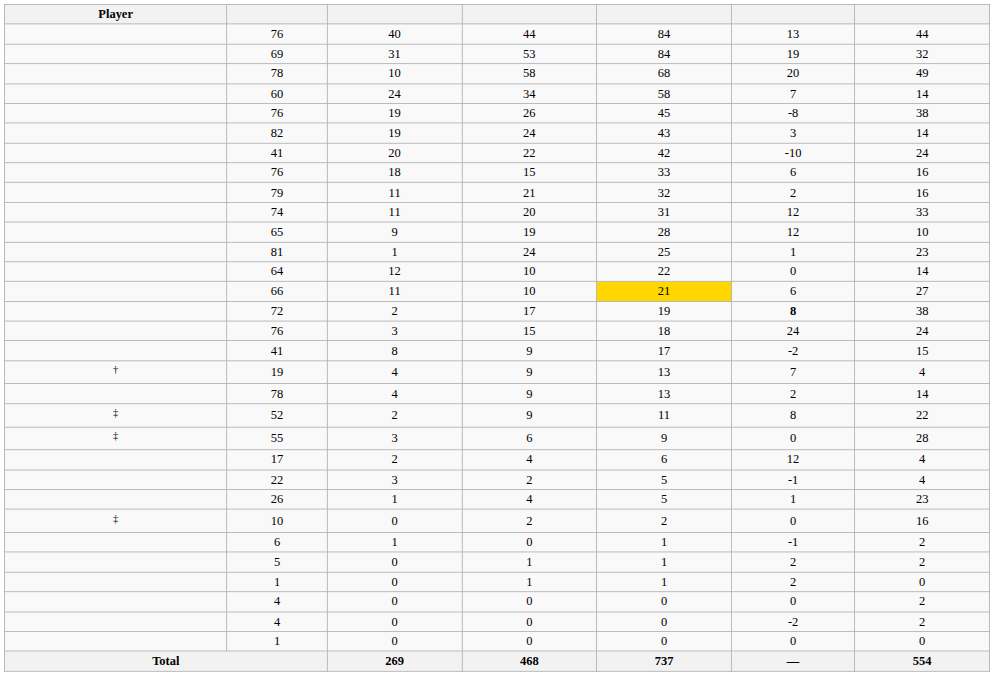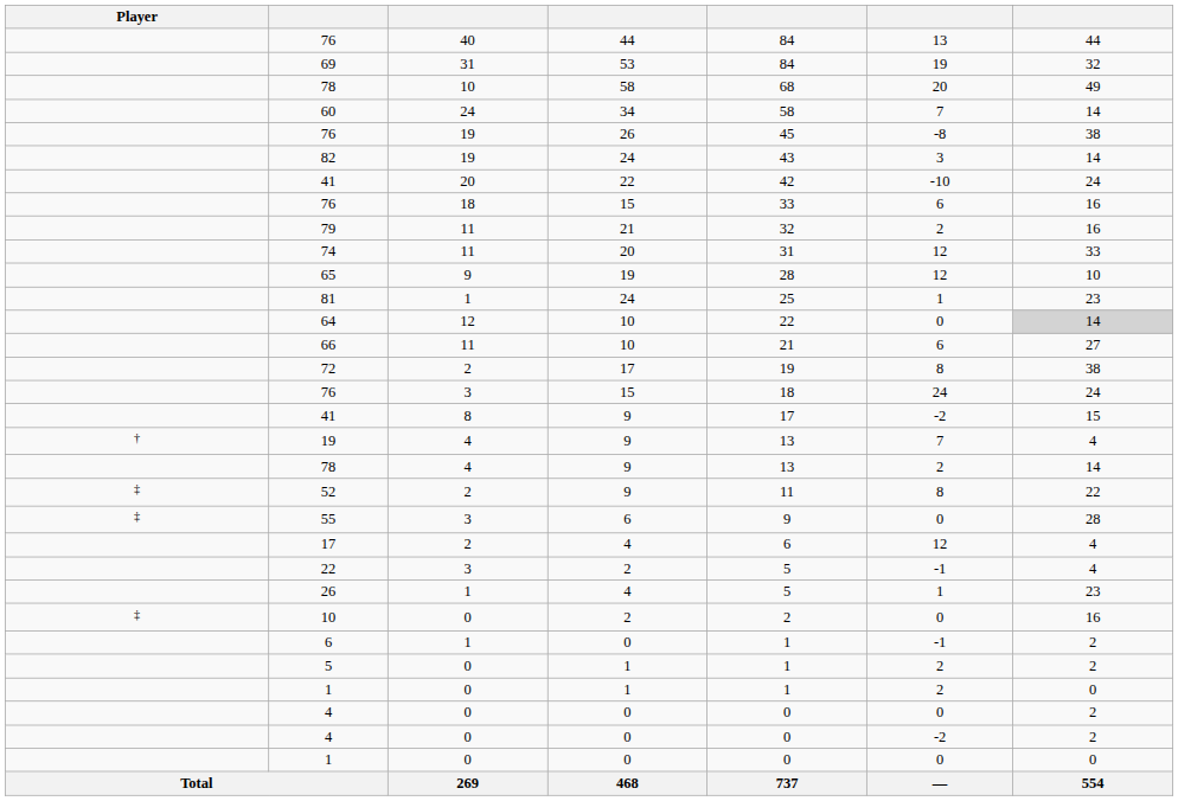 <table class="wikitable sortable" style="width:100%; text-align:center;">
 <tr align=center>
 <th>Player</th>
 <th></th>
 <th></th>
 <th></th>
 <th></th>
 <th data-sort-type="number"></th>
 <th></th>
 </tr>
 <tr>
 <td></td>
 <td>76</td>
 <td>40</td>
 <td>44</td>
 <td>84</td>
 <td>13</td>
 <td>44</td>
 </tr>
 <tr>
 <td></td>
 <td>69</td>
 <td>31</td>
 <td>53</td>
 <td>84</td>
 <td>19</td>
 <td>32</td>
 </tr>
 <tr>
 <td></td>
 <td>78</td>
 <td>10</td>
 <td>58</td>
 <td>68</td>
 <td>20</td>
 <td>49</td>
 </tr>
 <tr>
 <td></td>
 <td>60</td>
 <td>24</td>
 <td>34</td>
 <td>58</td>
 <td>7</td>
 <td>14</td>
 </tr>
 <tr>
 <td></td>
 <td>76</td>
 <td>19</td>
 <td>26</td>
 <td>45</td>
 <td>-8</td>
 <td>38</td>
 </tr>
 <tr>
 <td></td>
 <td>82</td>
 <td>19</td>
 <td>24</td>
 <td>43</td>
 <td>3</td>
 <td>14</td>
 </tr>
 <tr>
 <td></td>
 <td>41</td>
 <td>20</td>
 <td>22</td>
 <td>42</td>
 <td>-10</td>
 <td>24</td>
 </tr>
 <tr>
 <td></td>
 <td>76</td>
 <td>18</td>
 <td>15</td>
 <td>33</td>
 <td>6</td>
 <td>16</td>
 </tr>
 <tr>
 <td></td>
 <td>79</td>
 <td>11</td>
 <td>21</td>
 <td>32</td>
 <td>2</td>
 <td>16</td>
 </tr>
 <tr>
 <td></td>
 <td>74</td>
 <td>11</td>
 <td>20</td>
 <td>31</td>
 <td>12</td>
 <td>33</td>
 </tr>
 <tr>
 <td></td>
 <td>65</td>
 <td>9</td>
 <td>19</td>
 <td>28</td>
 <td>12</td>
 <td>10</td>
 </tr>
 <tr>
 <td></td>
 <td>81</td>
 <td>1</td>
 <td>24</td>
 <td>25</td>
 <td>1</td>
 <td>23</td>
 </tr>
 <tr>
 <td></td>
 <td>64</td>
 <td>12</td>
 <td>10</td>
 <td>22</td>
 <td>0</td>
-<td>14</td>
+<td style="background: lightgrey;">14</td>
 </tr>
 <tr>
 <td></td>
 <td>66</td>
 <td>11</td>
 <td>10</td>
-<td style="background: gold;">21</td>
+<td>21</td>
 <td>6</td>
 <td>27</td>
 </tr>
 <tr>
 <td></td>
 <td>72</td>
 <td>2</td>
 <td>17</td>
 <td>19</td>
-<td><strong>8</strong></td>
+<td>8</td>
 <td>38</td>
 </tr>
 <tr>
 <td></td>
 <td>76</td>
 <td>3</td>
 <td>15</td>
 <td>18</td>
 <td>24</td>
 <td>24</td>
 </tr>
 <tr>
 <td></td>
 <td>41</td>
 <td>8</td>
 <td>9</td>
 <td>17</td>
 <td>-2</td>
 <td>15</td>
 </tr>
 <tr>
 <td><sup>†</sup></td>
 <td>19</td>
 <td>4</td>
 <td>9</td>
 <td>13</td>
 <td>7</td>
 <td>4</td>
 </tr>
 <tr>
 <td></td>
 <td>78</td>
 <td>4</td>
 <td>9</td>
 <td>13</td>
 <td>2</td>
 <td>14</td>
 </tr>
 <tr>
 <td><sup>‡</sup></td>
 <td>52</td>
 <td>2</td>
 <td>9</td>
 <td>11</td>
 <td>8</td>
 <td>22</td>
 </tr>
 <tr>
 <td><sup>‡</sup></td>
 <td>55</td>
 <td>3</td>
 <td>6</td>
 <td>9</td>
 <td>0</td>
 <td>28</td>
 </tr>
 <tr>
 <td></td>
 <td>17</td>
 <td>2</td>
 <td>4</td>
 <td>6</td>
 <td>12</td>
 <td>4</td>
 </tr>
 <tr>
 <td></td>
 <td>22</td>
 <td>3</td>
 <td>2</td>
 <td>5</td>
 <td>-1</td>
 <td>4</td>
 </tr>
 <tr>
 <td></td>
 <td>26</td>
 <td>1</td>
 <td>4</td>
 <td>5</td>
 <td>1</td>
 <td>23</td>
 </tr>
 <tr>
 <td><sup>‡</sup></td>
 <td>10</td>
 <td>0</td>
 <td>2</td>
 <td>2</td>
 <td>0</td>
 <td>16</td>
 </tr>
 <tr>
 <td></td>
 <td>6</td>
 <td>1</td>
 <td>0</td>
 <td>1</td>
 <td>-1</td>
 <td>2</td>
 </tr>
 <tr>
 <td></td>
 <td>5</td>
 <td>0</td>
 <td>1</td>
 <td>1</td>
 <td>2</td>
 <td>2</td>
 </tr>
 <tr>
 <td></td>
 <td>1</td>
 <td>0</td>
 <td>1</td>
 <td>1</td>
 <td>2</td>
 <td>0</td>
 </tr>
 <tr>
 <td></td>
 <td>4</td>
 <td>0</td>
 <td>0</td>
 <td>0</td>
 <td>0</td>
 <td>2</td>
 </tr>
 <tr>
 <td></td>
 <td>4</td>
 <td>0</td>
 <td>0</td>
 <td>0</td>
 <td>-2</td>
 <td>2</td>
 </tr>
 <tr>
 <td></td>
 <td>1</td>
 <td>0</td>
 <td>0</td>
 <td>0</td>
 <td>0</td>
 <td>0</td>
 </tr>
 <tr class="sortbottom">
 <th colspan=2>Total</th>
 <th>269</th>
 <th>468</th>
 <th>737</th>
 <th>—</th>
 <th>554</th>
 </tr>
 </table>
